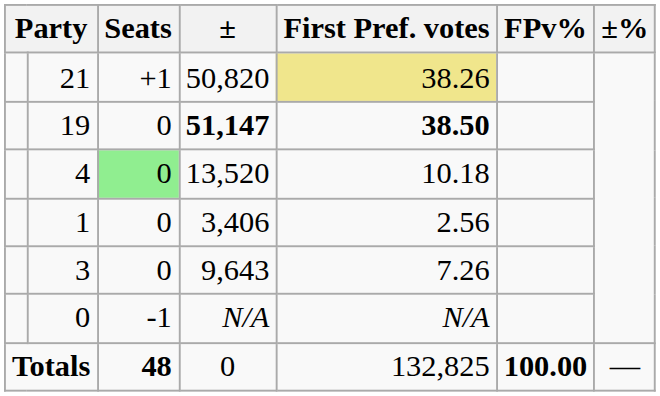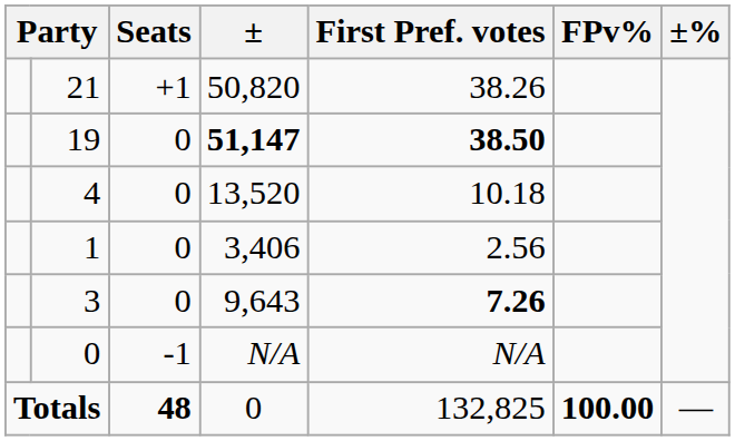 <table class=wikitable>
 <tr>
 <th colspan=2 align=center>Party</th>
 <th valign=top>Seats</th>
 <th valign=top>±</th>
 <th valign=top>First Pref. votes</th>
 <th valign=top>FPv%</th>
 <th valign=top>±%</th>
 </tr>
 <tr>
 <td></td>
 <td align=right>21</td>
 <td align=right>+1</td>
 <td align=right>50,820</td>
-<td align=right style="background: khaki;">38.26</td>
+<td align=right>38.26</td>
 <td align=right></td>
 </tr>
 <tr>
 <td></td>
 <td align=right>19</td>
 <td align=right>0</td>
 <td align=right><strong>51,147</strong></td>
 <td align=right><strong>38.50</strong></td>
 <td align=right></td>
 </tr>
 <tr>
 <td></td>
 <td align=right>4</td>
-<td align=right style="background: lightgreen;">0</td>
+<td align=right>0</td>
 <td align=right>13,520</td>
 <td align=right>10.18</td>
 <td align=right></td>
 </tr>
 <tr>
 <td></td>
 <td align=right>1</td>
 <td align=right>0</td>
 <td align=right>3,406</td>
 <td align=right>2.56</td>
 <td align=right></td>
 </tr>
 <tr>
 <td></td>
 <td align=right>3</td>
 <td align=right>0</td>
 <td align=right>9,643</td>
-<td align=right>7.26</td>
+<td align=right><strong>7.26</strong></td>
 <td align=right></td>
 </tr>
 <tr>
 <td></td>
 <td align=right>0</td>
 <td align=right>-1</td>
 <td align=right><em>N/A</em></td>
 <td align=right><em>N/A</em></td>
 <td align=right></td>
 </tr>
 <tr>
 <td colspan=2 align=center><strong>Totals</strong></td>
 <td align=right><strong>48</strong></td>
 <td align=center>0</td>
 <td align=right>132,825</td>
 <td align=center><strong>100.00</strong></td>
 <td align=center>—</td>
 </tr>
 </table>
